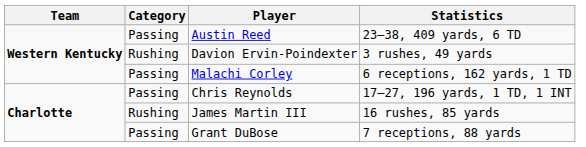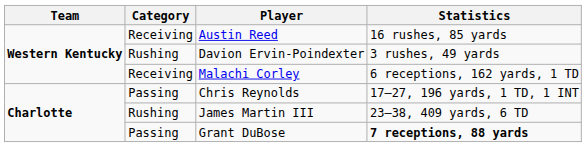 <table class="wikitable" style="float: left;">
 <tr>
 <th>Team</th>
 <th>Category</th>
 <th>Player</th>
 <th>Statistics</th>
 </tr>
 <tr>
 <td rowspan=3><strong>Western Kentucky</strong></td>
-<td>Passing</td>
+<td>Receiving</td>
 <td><a href='#'>Austin Reed</a></td>
-<td>23–38, 409 yards, 6 TD</td>
+<td>16 rushes, 85 yards</td>
 </tr>
 <tr>
 <td>Rushing</td>
 <td>Davion Ervin-Poindexter</td>
 <td>3 rushes, 49 yards</td>
 </tr>
 <tr>
-<td>Passing</td>
+<td>Receiving</td>
 <td><a href='#'>Malachi Corley</a></td>
 <td>6 receptions, 162 yards, 1 TD</td>
 </tr>
 <tr>
 <td rowspan=3><strong>Charlotte</strong></td>
 <td>Passing</td>
 <td>Chris Reynolds</td>
 <td>17–27, 196 yards, 1 TD, 1 INT</td>
 </tr>
 <tr>
 <td>Rushing</td>
 <td>James Martin III</td>
-<td>16 rushes, 85 yards</td>
+<td>23–38, 409 yards, 6 TD</td>
 </tr>
 <tr>
 <td>Passing</td>
 <td>Grant DuBose</td>
-<td>7 receptions, 88 yards</td>
+<td><strong>7 receptions, 88 yards</strong></td>
 </tr>
 </table>
